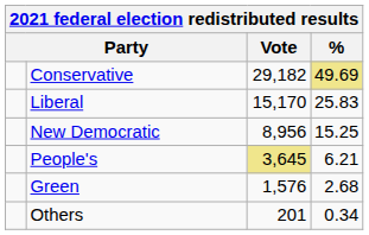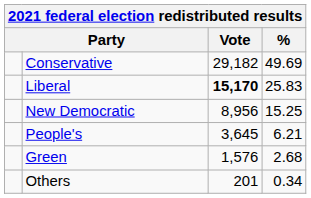 <table class="wikitable">
 <tr>
 <th colspan="4"><a href='#'>2021 federal election</a> redistributed results</th>
 </tr>
 <tr>
 <th bgcolor="#DDDDFF" width="130px" colspan="2">Party</th>
 <th bgcolor="#DDDDFF" width="50px">Vote</th>
 <th bgcolor="#DDDDFF" width="30px">%</th>
 </tr>
 <tr>
 <td> </td>
 <td><a href='#'>Conservative</a></td>
 <td align=right>29,182</td>
-<td align=right style="background: khaki;">49.69</td>
+<td align=right>49.69</td>
 </tr>
 <tr>
 <td> </td>
 <td><a href='#'>Liberal</a></td>
-<td align=right>15,170</td>
+<td align=right><strong>15,170</strong></td>
 <td align=right>25.83</td>
 </tr>
 <tr>
 <td> </td>
 <td><a href='#'>New Democratic</a></td>
 <td align=right>8,956</td>
 <td align=right>15.25</td>
 </tr>
 <tr>
 <td> </td>
 <td><a href='#'>People's</a></td>
-<td align=right style="background: khaki;">3,645</td>
+<td align=right>3,645</td>
 <td align=right>6.21</td>
 </tr>
 <tr>
 <td> </td>
 <td><a href='#'>Green</a></td>
 <td align=right>1,576</td>
 <td align=right>2.68</td>
 </tr>
 <tr>
 <td> </td>
 <td>Others</td>
 <td align=right>201</td>
 <td align=right>0.34</td>
 </tr>
 </table>
